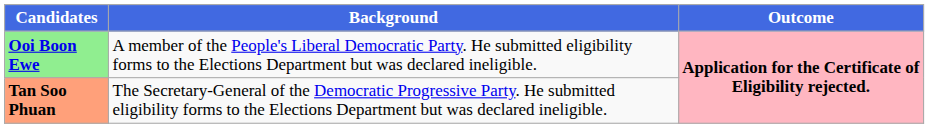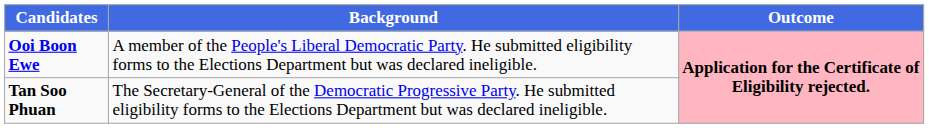 <table class="wikitable">
 <tr>
 <th style="background:RoyalBlue; color: white;">Candidates</th>
 <th style="background:RoyalBlue; color: white;">Background</th>
 <th style="background: RoyalBlue; color: white;">Outcome</th>
 </tr>
 <tr>
-<td style="background: lightgreen;"><strong><a href='#'>Ooi Boon Ewe</a></strong></td>
+<td><strong><a href='#'>Ooi Boon Ewe</a></strong></td>
 <td>A member of the <a href='#'>People's Liberal Democratic Party</a>. He submitted eligibility forms to the Elections Department but was declared ineligible.</td>
 <th rowspan="2" style="background: lightpink;">Application for the Certificate of Eligibility rejected.</th>
 </tr>
 <tr>
-<td style="background: lightsalmon;"><strong>Tan Soo Phuan</strong></td>
+<td><strong>Tan Soo Phuan</strong></td>
 <td>The Secretary-General of the <a href='#'>Democratic Progressive Party</a>. He submitted eligibility forms to the Elections Department but was declared ineligible.</td>
 </tr>
 </table>
